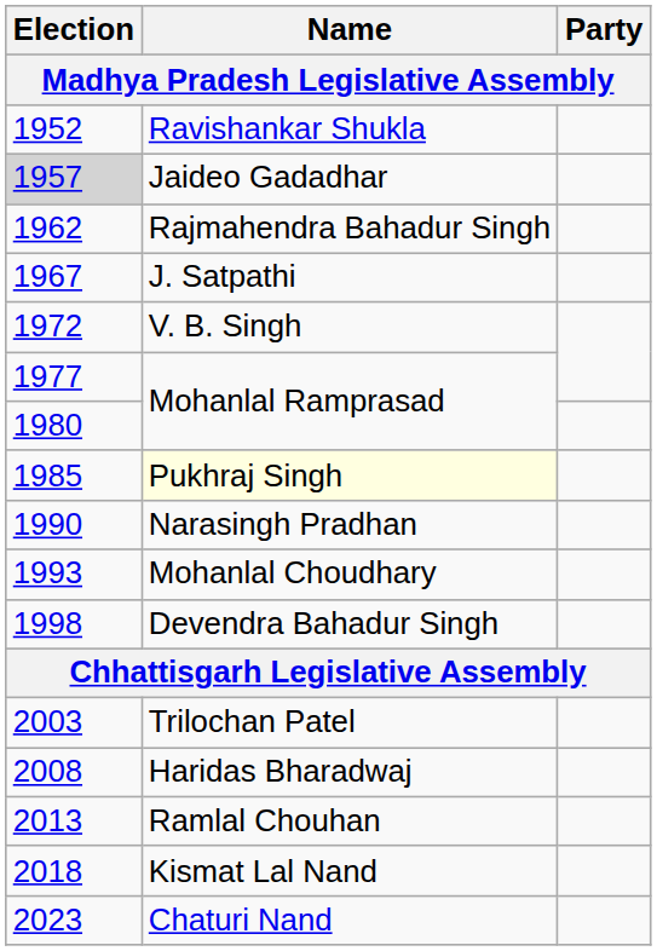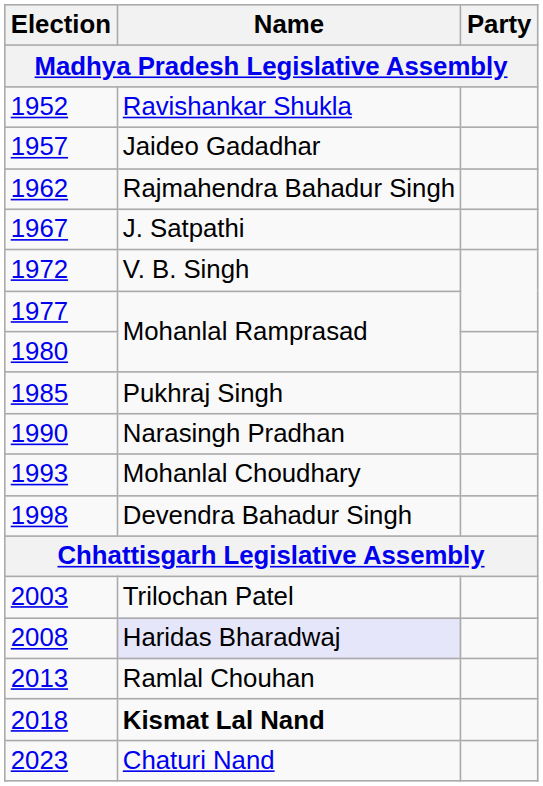 <table class="wikitable sortable">
 <tr>
 <th>Election</th>
 <th>Name</th>
 <th colspan=2>Party</th>
 </tr>
 <tr>
 <th colspan=4><a href='#'>Madhya Pradesh Legislative Assembly</a></th>
 </tr>
 <tr>
 <td><a href='#'>1952</a></td>
 <td><a href='#'>Ravishankar Shukla</a></td>
 <td></td>
 </tr>
 <tr>
-<td style="background: lightgrey;"><a href='#'>1957</a></td>
+<td><a href='#'>1957</a></td>
 <td>Jaideo Gadadhar</td>
 </tr>
 <tr>
 <td><a href='#'>1962</a></td>
 <td>Rajmahendra Bahadur Singh</td>
 <td></td>
 </tr>
 <tr>
 <td><a href='#'>1967</a></td>
 <td>J. Satpathi</td>
 <td></td>
 </tr>
 <tr>
 <td><a href='#'>1972</a></td>
 <td>V. B. Singh</td>
 </tr>
 <tr>
 <td><a href='#'>1977</a></td>
 <td rowspan="2">Mohanlal Ramprasad</td>
 </tr>
 <tr>
 <td><a href='#'>1980</a></td>
 <td></td>
 </tr>
 <tr>
 <td><a href='#'>1985</a></td>
-<td style="background: lightyellow;">Pukhraj Singh</td>
+<td>Pukhraj Singh</td>
 <td></td>
 </tr>
 <tr>
 <td><a href='#'>1990</a></td>
 <td>Narasingh Pradhan</td>
 <td></td>
 </tr>
 <tr>
 <td><a href='#'>1993</a></td>
 <td>Mohanlal Choudhary</td>
 <td></td>
 </tr>
 <tr>
 <td><a href='#'>1998</a></td>
 <td>Devendra Bahadur Singh</td>
 </tr>
 <tr>
 <th colspan=4><a href='#'>Chhattisgarh Legislative Assembly</a></th>
 </tr>
 <tr>
 <td><a href='#'>2003</a></td>
 <td>Trilochan Patel</td>
 <td></td>
 </tr>
 <tr>
 <td><a href='#'>2008</a></td>
-<td>Haridas Bharadwaj</td>
+<td style="background: lavender;">Haridas Bharadwaj</td>
 <td></td>
 </tr>
 <tr>
 <td><a href='#'>2013</a></td>
 <td>Ramlal Chouhan</td>
 <td></td>
 </tr>
 <tr>
 <td><a href='#'>2018</a></td>
-<td>Kismat Lal Nand</td>
+<td><strong>Kismat Lal Nand</strong></td>
 <td></td>
 </tr>
 <tr>
 <td><a href='#'>2023</a></td>
 <td><a href='#'>Chaturi Nand</a></td>
 </tr>
 </table>
